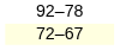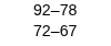 <table style="text-align:center">
 <tr>
 <th width=200></th>
 <th width=100></th>
 <th width=200></th>
 <th></th>
 </tr>
 <tr>
 <td align=right><strong></strong></td>
 <td>92–78</td>
 <td align=left></td>
 </tr>
 <tr>
 <td align=right><strong></strong></td>
-<td style="background: lightyellow;">72–67</td>
+<td>72–67</td>
 <td align=left></td>
 </tr>
 </table>
